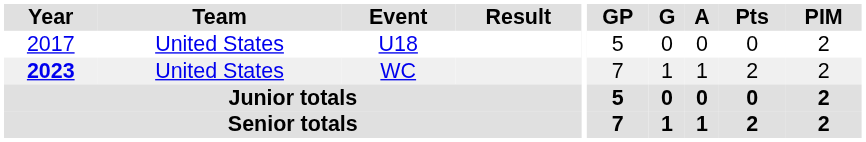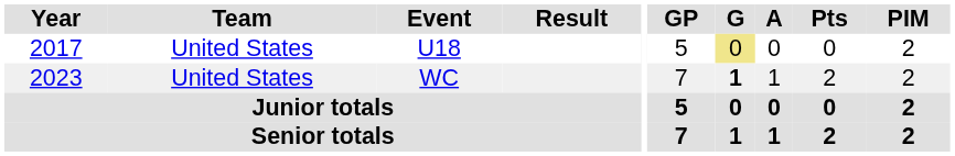 <table border="0" cellpadding="1" cellspacing="0" ID="Table3" style="text-align:center; width:40em">
 <tr ALIGN="center" bgcolor="#e0e0e0">
 <th>Year</th>
 <th>Team</th>
 <th>Event</th>
 <th>Result</th>
 <th rowspan="99" bgcolor="#ffffff"></th>
 <th>GP</th>
 <th>G</th>
 <th>A</th>
 <th>Pts</th>
 <th>PIM</th>
 </tr>
 <tr>
 <td><a href='#'>2017</a></td>
 <td><a href='#'>United States</a></td>
 <td><a href='#'>U18</a></td>
 <td></td>
 <td>5</td>
-<td>0</td>
+<td style="background: khaki;">0</td>
 <td>0</td>
 <td>0</td>
 <td>2</td>
 </tr>
 <tr style="background:#f0f0f0;">
-<td><strong><a href='#'>2023</a></strong></td>
+<td><a href='#'>2023</a></td>
 <td><a href='#'>United States</a></td>
 <td><a href='#'>WC</a></td>
 <td></td>
 <td>7</td>
-<td>1</td>
+<td><strong>1</strong></td>
 <td>1</td>
 <td>2</td>
 <td>2</td>
 </tr>
 <tr bgcolor="#e0e0e0">
 <th colspan="4">Junior totals</th>
 <th>5</th>
 <th>0</th>
 <th>0</th>
 <th>0</th>
 <th>2</th>
 </tr>
 <tr bgcolor="#e0e0e0">
 <th colspan="4">Senior totals</th>
 <th>7</th>
 <th>1</th>
 <th>1</th>
 <th>2</th>
 <th>2</th>
 </tr>
 </table>
